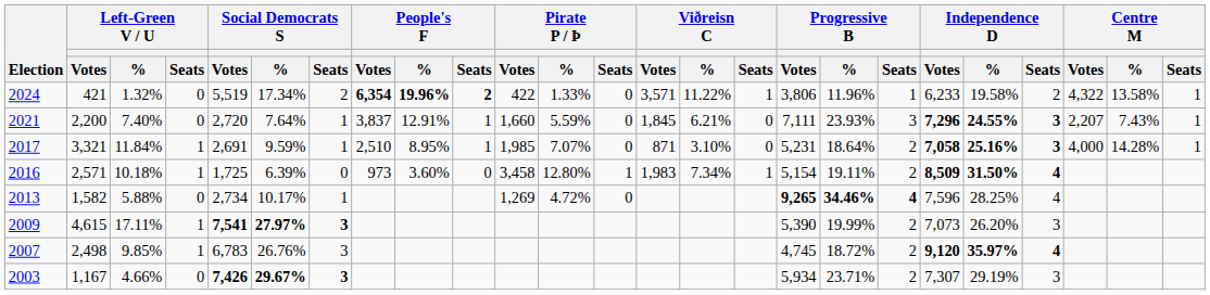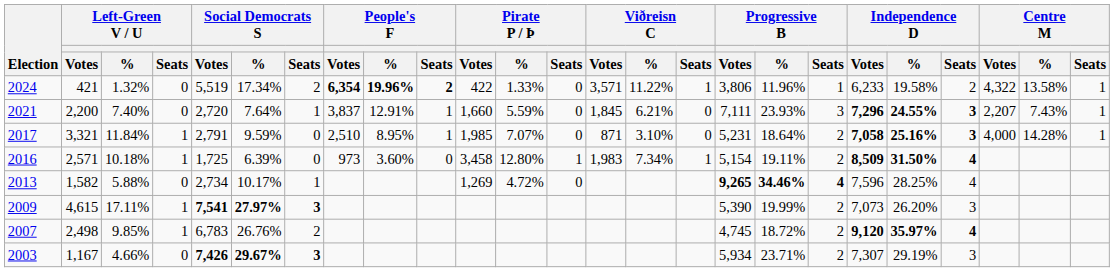 <table class="wikitable" border="1" style="font-size:95%; text-align:right;">
 <tr>
 <th style="text-align:left;" valign=bottom rowspan=3>Election</th>
 <th valign=bottom colspan=3><a href='#'>Left-Green</a><br>V / U</th>
 <th valign=bottom colspan=3><a href='#'>Social Democrats</a><br>S</th>
 <th valign=bottom colspan=3><a href='#'>People's</a><br>F</th>
 <th valign=bottom colspan=3><a href='#'>Pirate</a><br>P / Þ</th>
 <th valign=bottom colspan=3><a href='#'>Viðreisn</a><br>C</th>
 <th valign=bottom colspan=3><a href='#'>Progressive</a><br>B</th>
 <th valign=bottom colspan=3><a href='#'>Independence</a><br>D</th>
 <th valign=bottom colspan=3><a href='#'>Centre</a><br>M</th>
 </tr>
 <tr>
 <th colspan=3 style="background:"></th>
 <th colspan=3 style="background:"></th>
 <th colspan=3 style="background:"></th>
 <th colspan=3 style="background:"></th>
 <th colspan=3 style="background:"></th>
 <th colspan=3 style="background:"></th>
 <th colspan=3 style="background:"></th>
 <th colspan=3 style="background:"></th>
 </tr>
 <tr>
 <th>Votes</th>
 <th>%</th>
 <th>Seats</th>
 <th>Votes</th>
 <th>%</th>
 <th>Seats</th>
 <th>Votes</th>
 <th>%</th>
 <th>Seats</th>
 <th>Votes</th>
 <th>%</th>
 <th>Seats</th>
 <th>Votes</th>
 <th>%</th>
 <th>Seats</th>
 <th>Votes</th>
 <th>%</th>
 <th>Seats</th>
 <th>Votes</th>
 <th>%</th>
 <th>Seats</th>
 <th>Votes</th>
 <th>%</th>
 <th>Seats</th>
 </tr>
 <tr>
 <td align=left><a href='#'>2024</a></td>
 <td>421</td>
 <td>1.32%</td>
 <td>0</td>
 <td>5,519</td>
 <td>17.34%</td>
 <td>2</td>
 <td><strong>6,354</strong></td>
 <td><strong>19.96%</strong></td>
 <td><strong>2</strong></td>
 <td>422</td>
 <td>1.33%</td>
 <td>0</td>
 <td>3,571</td>
 <td>11.22%</td>
 <td>1</td>
 <td>3,806</td>
 <td>11.96%</td>
 <td>1</td>
 <td>6,233</td>
 <td>19.58%</td>
 <td>2</td>
 <td>4,322</td>
 <td>13.58%</td>
 <td>1</td>
 </tr>
 <tr>
 <td align=left><a href='#'>2021</a></td>
 <td>2,200</td>
 <td>7.40%</td>
 <td>0</td>
 <td>2,720</td>
 <td>7.64%</td>
 <td>1</td>
 <td>3,837</td>
 <td>12.91%</td>
 <td>1</td>
 <td>1,660</td>
 <td>5.59%</td>
 <td>0</td>
 <td>1,845</td>
 <td>6.21%</td>
 <td>0</td>
 <td>7,111</td>
 <td>23.93%</td>
 <td>3</td>
 <td><strong>7,296</strong></td>
 <td><strong>24.55%</strong></td>
 <td><strong>3</strong></td>
 <td>2,207</td>
 <td>7.43%</td>
 <td>1</td>
 </tr>
 <tr>
 <td align=left><a href='#'>2017</a></td>
 <td>3,321</td>
 <td>11.84%</td>
 <td>1</td>
-<td>2,691</td>
+<td>2,791</td>
 <td>9.59%</td>
-<td>1</td>
+<td>0</td>
 <td>2,510</td>
 <td>8.95%</td>
 <td>1</td>
 <td>1,985</td>
 <td>7.07%</td>
 <td>0</td>
 <td>871</td>
 <td>3.10%</td>
 <td>0</td>
 <td>5,231</td>
 <td>18.64%</td>
 <td>2</td>
 <td><strong>7,058</strong></td>
 <td><strong>25.16%</strong></td>
 <td><strong>3</strong></td>
 <td>4,000</td>
 <td>14.28%</td>
 <td>1</td>
 </tr>
 <tr>
 <td align=left><a href='#'>2016</a></td>
 <td>2,571</td>
 <td>10.18%</td>
 <td>1</td>
 <td>1,725</td>
 <td>6.39%</td>
 <td>0</td>
 <td>973</td>
 <td>3.60%</td>
 <td>0</td>
 <td>3,458</td>
 <td>12.80%</td>
 <td>1</td>
 <td>1,983</td>
 <td>7.34%</td>
 <td>1</td>
 <td>5,154</td>
 <td>19.11%</td>
 <td>2</td>
 <td><strong>8,509</strong></td>
 <td><strong>31.50%</strong></td>
 <td><strong>4</strong></td>
 <td></td>
 <td></td>
 <td></td>
 </tr>
 <tr>
 <td align=left><a href='#'>2013</a></td>
 <td>1,582</td>
 <td>5.88%</td>
 <td>0</td>
 <td>2,734</td>
 <td>10.17%</td>
 <td>1</td>
 <td></td>
 <td></td>
 <td></td>
 <td>1,269</td>
 <td>4.72%</td>
 <td>0</td>
 <td></td>
 <td></td>
 <td></td>
 <td><strong>9,265</strong></td>
 <td><strong>34.46%</strong></td>
 <td><strong>4</strong></td>
 <td>7,596</td>
 <td>28.25%</td>
 <td>4</td>
 <td></td>
 <td></td>
 <td></td>
 </tr>
 <tr>
 <td align=left><a href='#'>2009</a></td>
 <td>4,615</td>
 <td>17.11%</td>
 <td>1</td>
 <td><strong>7,541</strong></td>
 <td><strong>27.97%</strong></td>
 <td><strong>3</strong></td>
 <td></td>
 <td></td>
 <td></td>
 <td></td>
 <td></td>
 <td></td>
 <td></td>
 <td></td>
 <td></td>
 <td>5,390</td>
 <td>19.99%</td>
 <td>2</td>
 <td>7,073</td>
 <td>26.20%</td>
 <td>3</td>
 <td></td>
 <td></td>
 <td></td>
 </tr>
 <tr>
 <td align=left><a href='#'>2007</a></td>
 <td>2,498</td>
 <td>9.85%</td>
 <td>1</td>
 <td>6,783</td>
 <td>26.76%</td>
-<td>3</td>
+<td>2</td>
 <td></td>
 <td></td>
 <td></td>
 <td></td>
 <td></td>
 <td></td>
 <td></td>
 <td></td>
 <td></td>
 <td>4,745</td>
 <td>18.72%</td>
 <td>2</td>
 <td><strong>9,120</strong></td>
 <td><strong>35.97%</strong></td>
 <td><strong>4</strong></td>
 <td></td>
 <td></td>
 <td></td>
 </tr>
 <tr>
 <td align=left><a href='#'>2003</a></td>
 <td>1,167</td>
 <td>4.66%</td>
 <td>0</td>
 <td><strong>7,426</strong></td>
 <td><strong>29.67%</strong></td>
 <td><strong>3</strong></td>
 <td></td>
 <td></td>
 <td></td>
 <td></td>
 <td></td>
 <td></td>
 <td></td>
 <td></td>
 <td></td>
 <td>5,934</td>
 <td>23.71%</td>
 <td>2</td>
 <td>7,307</td>
 <td>29.19%</td>
 <td>3</td>
 <td></td>
 <td></td>
 <td></td>
 </tr>
 </table>
